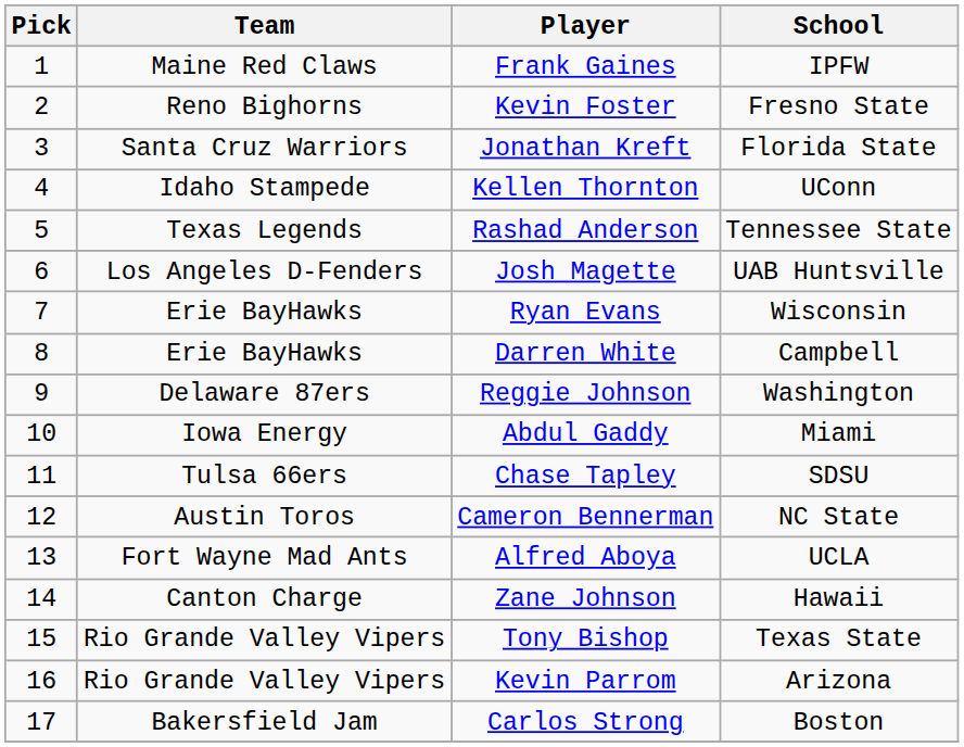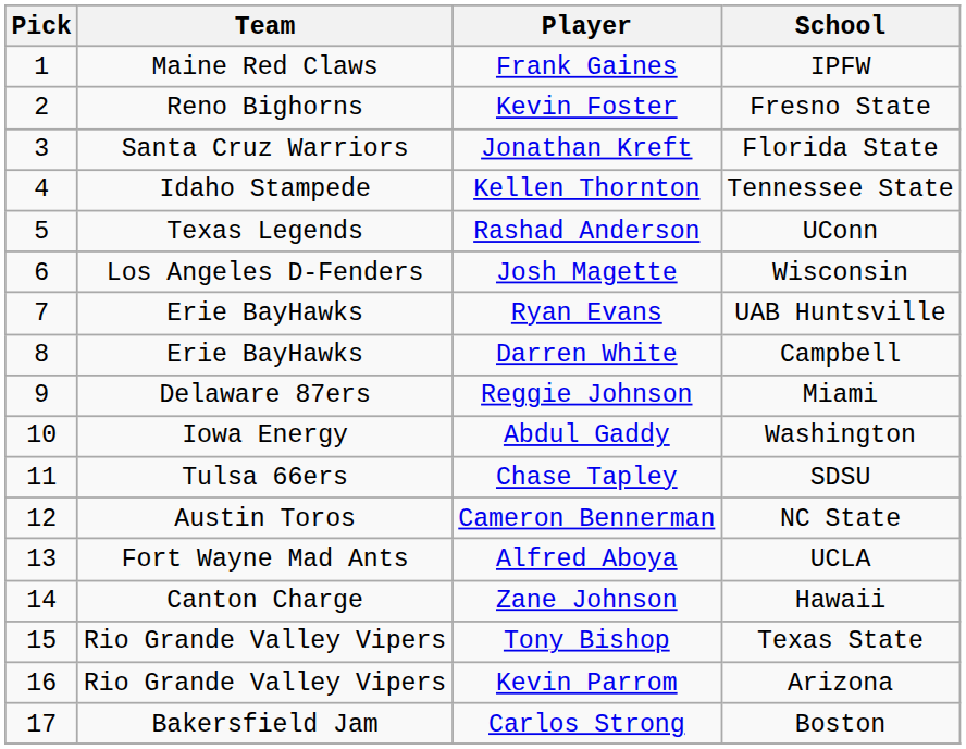 <table class="wikitable" style="text-align:center">
 <tr>
 <th>Pick</th>
 <th>Team</th>
 <th>Player</th>
 <th>School</th>
 </tr>
 <tr>
 <td>1</td>
 <td>Maine Red Claws</td>
 <td><a href='#'>Frank Gaines</a></td>
 <td>IPFW</td>
 </tr>
 <tr>
 <td>2</td>
 <td>Reno Bighorns</td>
 <td><a href='#'>Kevin Foster</a></td>
 <td>Fresno State</td>
 </tr>
 <tr>
 <td>3</td>
 <td>Santa Cruz Warriors</td>
 <td><a href='#'>Jonathan Kreft</a></td>
 <td>Florida State</td>
 </tr>
 <tr>
 <td>4</td>
 <td>Idaho Stampede</td>
 <td><a href='#'>Kellen Thornton</a></td>
-<td>UConn</td>
+<td>Tennessee State</td>
 </tr>
 <tr>
 <td>5</td>
 <td>Texas Legends</td>
 <td><a href='#'>Rashad Anderson</a></td>
-<td>Tennessee State</td>
+<td>UConn</td>
 </tr>
 <tr>
 <td>6</td>
 <td>Los Angeles D-Fenders</td>
 <td><a href='#'>Josh Magette</a></td>
-<td>UAB Huntsville</td>
+<td>Wisconsin</td>
 </tr>
 <tr>
 <td>7</td>
 <td>Erie BayHawks</td>
 <td><a href='#'>Ryan Evans</a></td>
-<td>Wisconsin</td>
+<td>UAB Huntsville</td>
 </tr>
 <tr>
 <td>8</td>
 <td>Erie BayHawks</td>
 <td><a href='#'>Darren White</a></td>
 <td>Campbell</td>
 </tr>
 <tr>
 <td>9</td>
 <td>Delaware 87ers</td>
 <td><a href='#'>Reggie Johnson</a></td>
-<td>Washington</td>
+<td>Miami</td>
 </tr>
 <tr>
 <td>10</td>
 <td>Iowa Energy</td>
 <td><a href='#'>Abdul Gaddy</a></td>
-<td>Miami</td>
+<td>Washington</td>
 </tr>
 <tr>
 <td>11</td>
 <td>Tulsa 66ers</td>
 <td><a href='#'>Chase Tapley</a></td>
 <td>SDSU</td>
 </tr>
 <tr>
 <td>12</td>
 <td>Austin Toros</td>
 <td><a href='#'>Cameron Bennerman</a></td>
 <td>NC State</td>
 </tr>
 <tr>
 <td>13</td>
 <td>Fort Wayne Mad Ants</td>
 <td><a href='#'>Alfred Aboya</a></td>
 <td>UCLA</td>
 </tr>
 <tr>
 <td>14</td>
 <td>Canton Charge</td>
 <td><a href='#'>Zane Johnson</a></td>
 <td>Hawaii</td>
 </tr>
 <tr>
 <td>15</td>
 <td>Rio Grande Valley Vipers</td>
 <td><a href='#'>Tony Bishop</a></td>
 <td>Texas State</td>
 </tr>
 <tr>
 <td>16</td>
 <td>Rio Grande Valley Vipers</td>
 <td><a href='#'>Kevin Parrom</a></td>
 <td>Arizona</td>
 </tr>
 <tr>
 <td>17</td>
 <td>Bakersfield Jam</td>
 <td><a href='#'>Carlos Strong</a></td>
 <td>Boston</td>
 </tr>
 <tr>
 </tr>
 </table>
